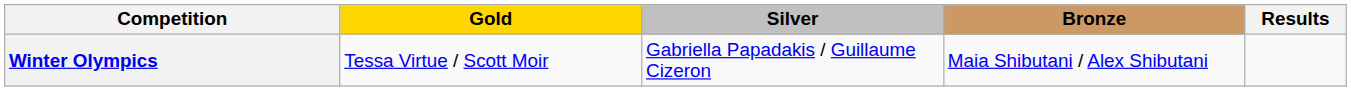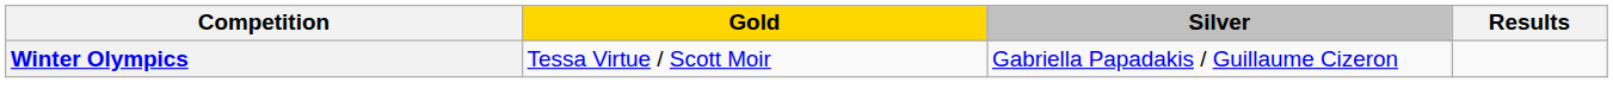 <table class="wikitable unsortable" style="text-align:left; width:90%">
 <tr>
 <th scope="col" style="text-align:center; width:25%;">Competition</th>
 <td scope="col" style="text-align:center; width:22.5%; background:gold"><strong>Gold</strong></td>
 <td scope="col" style="text-align:center; width:22.5%; background:silver"><strong>Silver</strong></td>
-<td scope="col" style="text-align:center; width:22.5%; background:#c96"><strong>Bronze</strong></td>
 <th scope="col" style="text-align:center; width:7.5%;">Results</th>
 </tr>
 <tr>
 <th scope="row" style="text-align:left"> <a href='#'>Winter Olympics</a></th>
 <td> <a href='#'>Tessa Virtue</a> / <a href='#'>Scott Moir</a></td>
 <td> <a href='#'>Gabriella Papadakis</a> / <a href='#'>Guillaume Cizeron</a></td>
-<td> <a href='#'>Maia Shibutani</a> / <a href='#'>Alex Shibutani</a></td>
 <td></td>
 </tr>
 </table>
